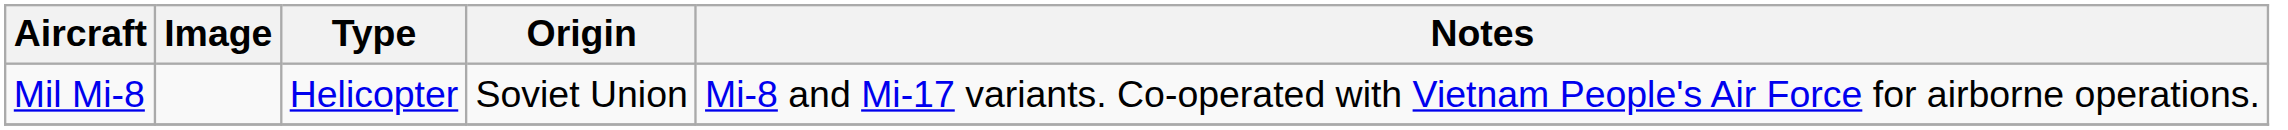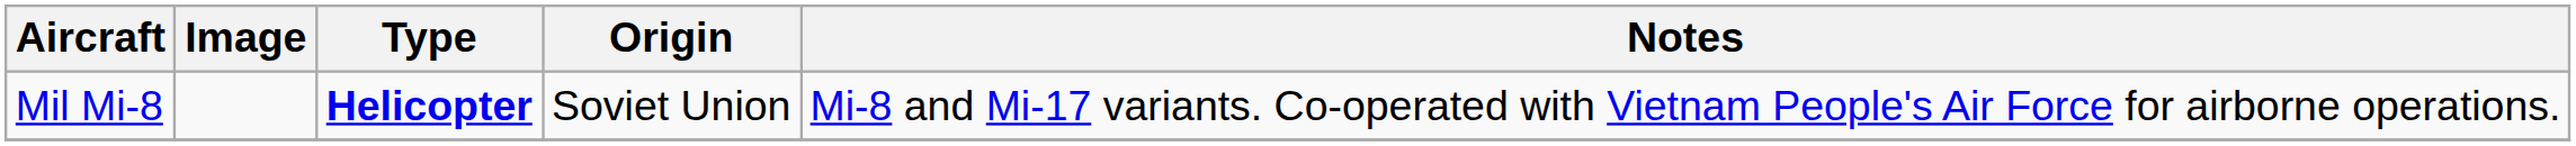 <table class="wikitable">
 <tr>
 <th style="text-align: center;">Aircraft</th>
 <th style="text-align: center;">Image</th>
 <th style="text-align: center;">Type</th>
 <th style="text-align: center;">Origin</th>
 <th style="text-align: center;">Notes</th>
 </tr>
 <tr>
 <td><a href='#'>Mil Mi-8</a></td>
 <td></td>
-<td><a href='#'>Helicopter</a></td>
+<td><strong><a href='#'>Helicopter</a></strong></td>
 <td>Soviet Union</td>
 <td><a href='#'>Mi-8</a> and <a href='#'>Mi-17</a> variants. Co-operated with <a href='#'>Vietnam People's Air Force</a> for airborne operations.</td>
 </tr>
 <tr>
 </tr>
 </table>
